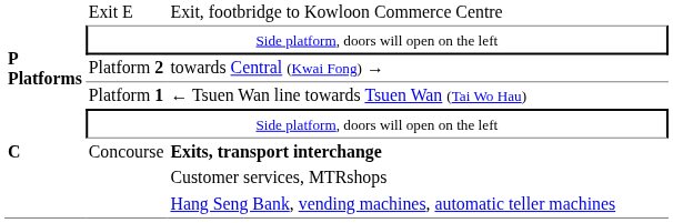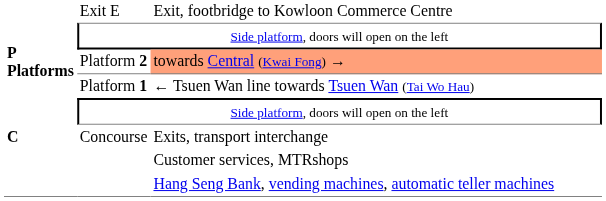 <table border=0 cellspacing=0 cellpadding=3>
 <tr>
 <td rowspan="5"><strong>P<br>Platforms</strong></td>
 <td>Exit E</td>
 <td>Exit, footbridge to Kowloon Commerce Centre</td>
 </tr>
 <tr>
 <td colspan="2" style="border-top:solid 1px gray;border-right:solid 2px black;border-left:solid 2px black;border-bottom:solid 2px black;width:100px;text-align:center;"><small><a href='#'>Side platform</a>, doors will open on the left</small></td>
 </tr>
 <tr>
 <td style="border-bottom:solid 1px gray;">Platform <span><strong>2</strong></span></td>
-<td style="border-bottom:solid 1px gray;width:450px;">  towards <a href='#'>Central</a> <small>(<a href='#'>Kwai Fong</a>)</small> →</td>
+<td style="background: lightsalmon; border-bottom:solid 1px gray;width:450px;">  towards <a href='#'>Central</a> <small>(<a href='#'>Kwai Fong</a>)</small> →</td>
 </tr>
 <tr>
 <td>Platform <span><strong>1</strong></span></td>
 <td>←  Tsuen Wan line towards <a href='#'>Tsuen Wan</a> <small>(<a href='#'>Tai Wo Hau</a>)</small></td>
 </tr>
 <tr>
 <td style="border-top:solid 2px black;border-right:solid 2px black;border-left:solid 2px black;border-bottom:solid 1px gray;text-align:center;" colspan=2><small><a href='#'>Side platform</a>, doors will open on the left</small></td>
 </tr>
 <tr>
 <td style="border-bottom:solid 1px gray;vertical-align:top;" rowspan=4><strong>C</strong></td>
 <td style="border-bottom:solid 1px gray;vertical-align:top;" rowspan=4>Concourse</td>
-<td><strong>Exits, transport interchange</strong></td>
+<td>Exits, transport interchange</td>
 </tr>
 <tr>
 <td>Customer services, MTRshops</td>
 </tr>
 <tr>
 <td style="border-bottom:solid 1px gray;"><a href='#'>Hang Seng Bank</a>, <a href='#'>vending machines</a>, <a href='#'>automatic teller machines</a></td>
 </tr>
 </table>
